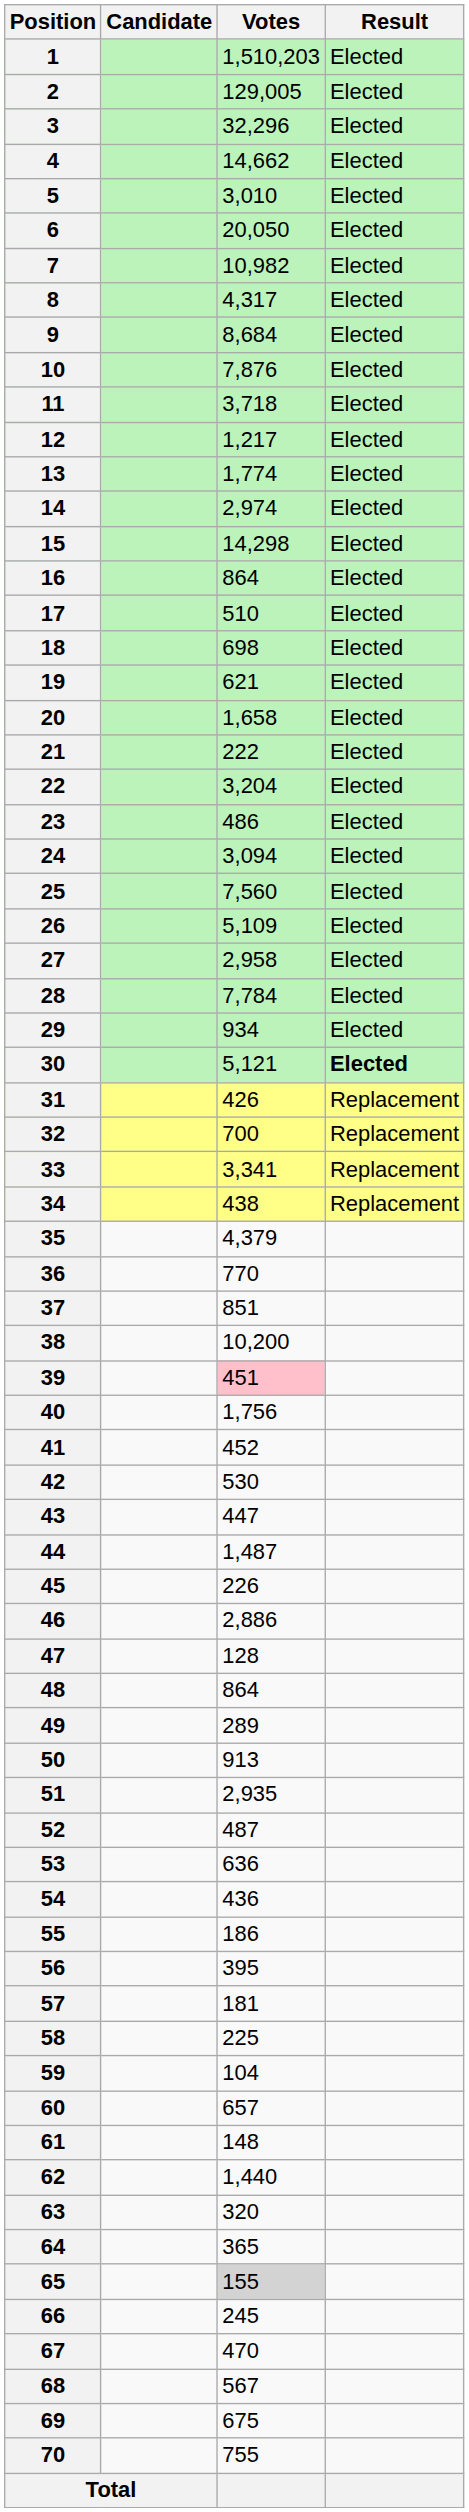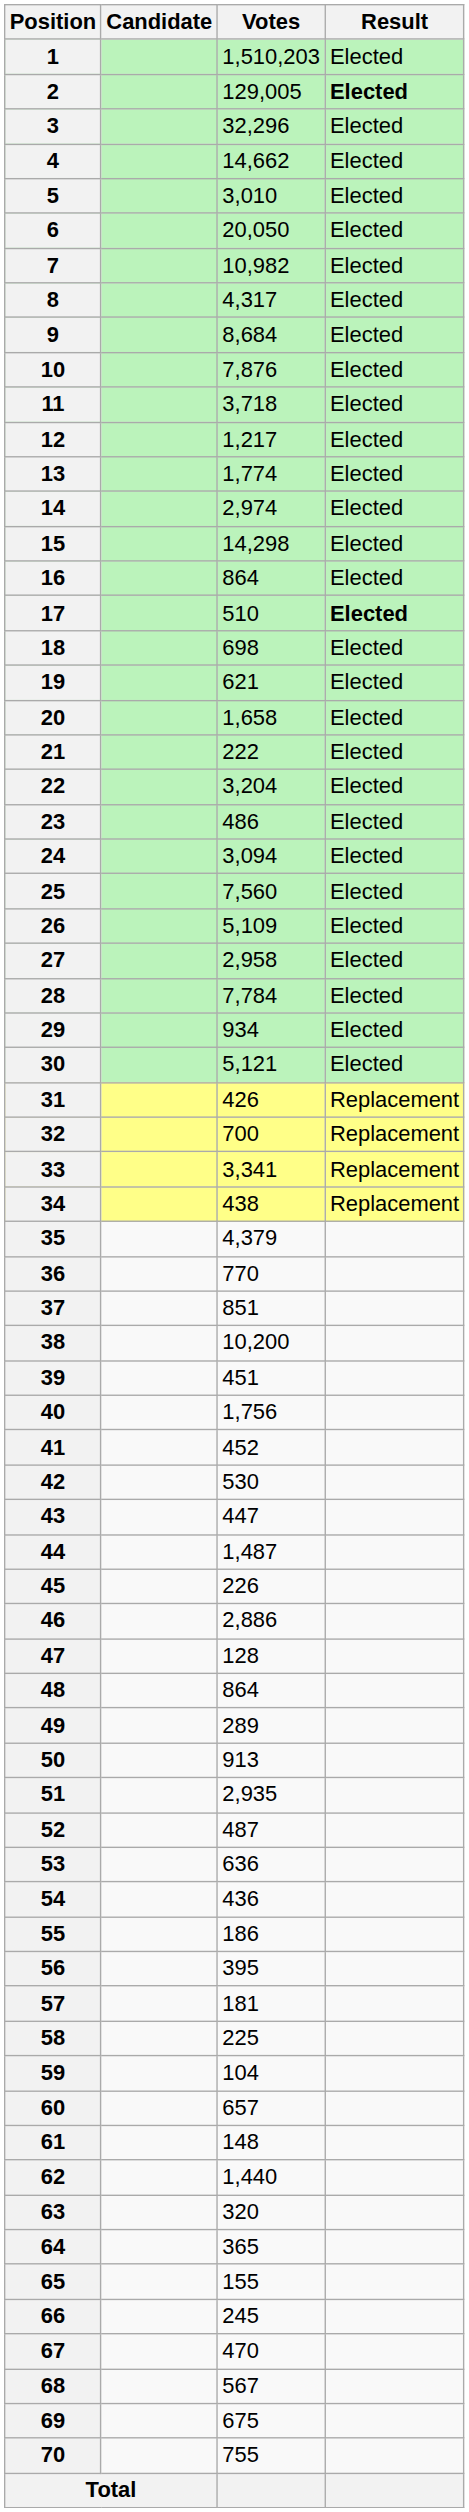 <table class="wikitable sortable col3right">
 <tr>
 <th scope="col">Position</th>
 <th scope="col">Candidate</th>
 <th scope="col">Votes</th>
 <th scope="col">Result</th>
 </tr>
 <tr bgcolor=bbf3bb>
 <th scope="row">1</th>
 <td></td>
 <td>1,510,203</td>
 <td>Elected</td>
 </tr>
 <tr bgcolor=bbf3bb>
 <th scope="row">2</th>
 <td></td>
 <td>129,005</td>
-<td>Elected</td>
+<td><strong>Elected</strong></td>
 </tr>
 <tr bgcolor=bbf3bb>
 <th scope="row">3</th>
 <td></td>
 <td>32,296</td>
 <td>Elected</td>
 </tr>
 <tr bgcolor=bbf3bb>
 <th scope="row">4</th>
 <td></td>
 <td>14,662</td>
 <td>Elected</td>
 </tr>
 <tr bgcolor=bbf3bb>
 <th scope="row">5</th>
 <td></td>
 <td>3,010</td>
 <td>Elected</td>
 </tr>
 <tr bgcolor=bbf3bb>
 <th scope="row">6</th>
 <td></td>
 <td>20,050</td>
 <td>Elected</td>
 </tr>
 <tr bgcolor=bbf3bb>
 <th scope="row">7</th>
 <td></td>
 <td>10,982</td>
 <td>Elected</td>
 </tr>
 <tr bgcolor=bbf3bb>
 <th scope="row">8</th>
 <td></td>
 <td>4,317</td>
 <td>Elected</td>
 </tr>
 <tr bgcolor=bbf3bb>
 <th scope="row">9</th>
 <td></td>
 <td>8,684</td>
 <td>Elected</td>
 </tr>
 <tr bgcolor=bbf3bb>
 <th scope="row">10</th>
 <td></td>
 <td>7,876</td>
 <td>Elected</td>
 </tr>
 <tr bgcolor=bbf3bb>
 <th scope="row">11</th>
 <td></td>
 <td>3,718</td>
 <td>Elected</td>
 </tr>
 <tr bgcolor=bbf3bb>
 <th scope="row">12</th>
 <td></td>
 <td>1,217</td>
 <td>Elected</td>
 </tr>
 <tr bgcolor=bbf3bb>
 <th scope="row">13</th>
 <td></td>
 <td>1,774</td>
 <td>Elected</td>
 </tr>
 <tr bgcolor=bbf3bb>
 <th scope="row">14</th>
 <td></td>
 <td>2,974</td>
 <td>Elected</td>
 </tr>
 <tr bgcolor=bbf3bb>
 <th scope="row">15</th>
 <td></td>
 <td>14,298</td>
 <td>Elected</td>
 </tr>
 <tr bgcolor=bbf3bb>
 <th scope="row">16</th>
 <td></td>
 <td>864</td>
 <td>Elected</td>
 </tr>
 <tr bgcolor=bbf3bb>
 <th scope="row">17</th>
 <td></td>
 <td>510</td>
-<td>Elected</td>
+<td><strong>Elected</strong></td>
 </tr>
 <tr bgcolor=bbf3bb>
 <th scope="row">18</th>
 <td></td>
 <td>698</td>
 <td>Elected</td>
 </tr>
 <tr bgcolor=bbf3bb>
 <th scope="row">19</th>
 <td></td>
 <td>621</td>
 <td>Elected</td>
 </tr>
 <tr bgcolor=bbf3bb>
 <th scope="row">20</th>
 <td></td>
 <td>1,658</td>
 <td>Elected</td>
 </tr>
 <tr bgcolor=bbf3bb>
 <th scope="row">21</th>
 <td></td>
 <td>222</td>
 <td>Elected</td>
 </tr>
 <tr bgcolor=bbf3bb>
 <th scope="row">22</th>
 <td></td>
 <td>3,204</td>
 <td>Elected</td>
 </tr>
 <tr bgcolor=bbf3bb>
 <th scope="row">23</th>
 <td></td>
 <td>486</td>
 <td>Elected</td>
 </tr>
 <tr bgcolor=bbf3bb>
 <th scope="row">24</th>
 <td></td>
 <td>3,094</td>
 <td>Elected</td>
 </tr>
 <tr bgcolor=bbf3bb>
 <th scope="row">25</th>
 <td></td>
 <td>7,560</td>
 <td>Elected</td>
 </tr>
 <tr bgcolor=bbf3bb>
 <th scope="row">26</th>
 <td></td>
 <td>5,109</td>
 <td>Elected</td>
 </tr>
 <tr bgcolor=bbf3bb>
 <th scope="row">27</th>
 <td></td>
 <td>2,958</td>
 <td>Elected</td>
 </tr>
 <tr bgcolor=bbf3bb>
 <th scope="row">28</th>
 <td></td>
 <td>7,784</td>
 <td>Elected</td>
 </tr>
 <tr bgcolor=bbf3bb>
 <th scope="row">29</th>
 <td></td>
 <td>934</td>
 <td>Elected</td>
 </tr>
 <tr bgcolor=bbf3bb>
 <th scope="row">30</th>
 <td></td>
 <td>5,121</td>
-<td><strong>Elected</strong></td>
+<td>Elected</td>
 </tr>
 <tr bgcolor=#FF8>
 <th scope="row">31</th>
 <td></td>
 <td>426</td>
 <td>Replacement</td>
 </tr>
 <tr bgcolor=#FF8>
 <th scope="row">32</th>
 <td></td>
 <td>700</td>
 <td>Replacement</td>
 </tr>
 <tr bgcolor=#FF8>
 <th scope="row">33</th>
 <td></td>
 <td>3,341</td>
 <td>Replacement</td>
 </tr>
 <tr bgcolor=#FF8>
 <th scope="row">34</th>
 <td></td>
 <td>438</td>
 <td>Replacement</td>
 </tr>
 <tr>
 <th scope="row">35</th>
 <td></td>
 <td>4,379</td>
 <td></td>
 </tr>
 <tr>
 <th scope="row">36</th>
 <td></td>
 <td>770</td>
 <td></td>
 </tr>
 <tr>
 <th scope="row">37</th>
 <td></td>
 <td>851</td>
 <td></td>
 </tr>
 <tr>
 <th scope="row">38</th>
 <td></td>
 <td>10,200</td>
 <td></td>
 </tr>
 <tr>
 <th scope="row">39</th>
 <td></td>
-<td style="background: pink;">451</td>
+<td>451</td>
 <td></td>
 </tr>
 <tr>
 <th scope="row">40</th>
 <td></td>
 <td>1,756</td>
 <td></td>
 </tr>
 <tr>
 <th scope="row">41</th>
 <td></td>
 <td>452</td>
 <td></td>
 </tr>
 <tr>
 <th scope="row">42</th>
 <td></td>
 <td>530</td>
 <td></td>
 </tr>
 <tr>
 <th scope="row">43</th>
 <td></td>
 <td>447</td>
 <td></td>
 </tr>
 <tr>
 <th scope="row">44</th>
 <td></td>
 <td>1,487</td>
 <td></td>
 </tr>
 <tr>
 <th scope="row">45</th>
 <td></td>
 <td>226</td>
 <td></td>
 </tr>
 <tr>
 <th scope="row">46</th>
 <td></td>
 <td>2,886</td>
 <td></td>
 </tr>
 <tr>
 <th scope="row">47</th>
 <td></td>
 <td>128</td>
 <td></td>
 </tr>
 <tr>
 <th scope="row">48</th>
 <td></td>
 <td>864</td>
 <td></td>
 </tr>
 <tr>
 <th scope="row">49</th>
 <td></td>
 <td>289</td>
 <td></td>
 </tr>
 <tr>
 <th scope="row">50</th>
 <td></td>
 <td>913</td>
 <td></td>
 </tr>
 <tr>
 <th scope="row">51</th>
 <td></td>
 <td>2,935</td>
 <td></td>
 </tr>
 <tr>
 <th scope="row">52</th>
 <td></td>
 <td>487</td>
 <td></td>
 </tr>
 <tr>
 <th scope="row">53</th>
 <td></td>
 <td>636</td>
 <td></td>
 </tr>
 <tr>
 <th scope="row">54</th>
 <td></td>
 <td>436</td>
 <td></td>
 </tr>
 <tr>
 <th scope="row">55</th>
 <td></td>
 <td>186</td>
 <td></td>
 </tr>
 <tr>
 <th scope="row">56</th>
 <td></td>
 <td>395</td>
 <td></td>
 </tr>
 <tr>
 <th scope="row">57</th>
 <td></td>
 <td>181</td>
 <td></td>
 </tr>
 <tr>
 <th scope="row">58</th>
 <td></td>
 <td>225</td>
 <td></td>
 </tr>
 <tr>
 <th scope="row">59</th>
 <td></td>
 <td>104</td>
 <td></td>
 </tr>
 <tr>
 <th scope="row">60</th>
 <td></td>
 <td>657</td>
 <td></td>
 </tr>
 <tr>
 <th scope="row">61</th>
 <td></td>
 <td>148</td>
 <td></td>
 </tr>
 <tr>
 <th scope="row">62</th>
 <td></td>
 <td>1,440</td>
 <td></td>
 </tr>
 <tr>
 <th scope="row">63</th>
 <td></td>
 <td>320</td>
 <td></td>
 </tr>
 <tr>
 <th scope="row">64</th>
 <td></td>
 <td>365</td>
 <td></td>
 </tr>
 <tr>
 <th scope="row">65</th>
 <td></td>
-<td style="background: lightgrey;">155</td>
+<td>155</td>
 <td></td>
 </tr>
 <tr>
 <th scope="row">66</th>
 <td></td>
 <td>245</td>
 <td></td>
 </tr>
 <tr>
 <th scope="row">67</th>
 <td></td>
 <td>470</td>
 <td></td>
 </tr>
 <tr>
 <th scope="row">68</th>
 <td></td>
 <td>567</td>
 <td></td>
 </tr>
 <tr>
 <th scope="row">69</th>
 <td></td>
 <td>675</td>
 <td></td>
 </tr>
 <tr>
 <th scope="row">70</th>
 <td></td>
 <td>755</td>
 <td></td>
 </tr>
 <tr class="sortbottom">
 <th scope="row" colspan="2">Total</th>
 <th></th>
 <th></th>
 </tr>
 </table>
